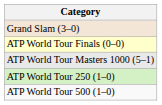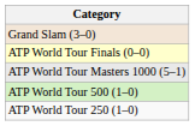 <table class=wikitable>
 <tr>
 <th>Category</th>
 </tr>
 <tr bgcolor=#F3E6D7>
 <td>Grand Slam (3–0)</td>
 </tr>
 <tr bgcolor=ffffcc>
 <td>ATP World Tour Finals (0–0)</td>
 </tr>
 <tr bgcolor=#E9E9E9>
 <td>ATP World Tour Masters 1000 (5–1)</td>
 </tr>
 <tr bgcolor=#D4F1C5>
+<td>ATP World Tour 500 (1–0)</td>
+</tr>
+<tr>
 <td>ATP World Tour 250 (1–0)</td>
 </tr>
-<tr>
-<td>ATP World Tour 500 (1–0)</td>
-</tr>
 </table>
